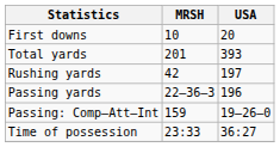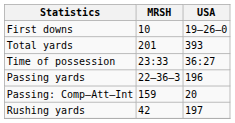 <table class="wikitable" style="float: left;">
 <tr>
 <th>Statistics</th>
 <th>MRSH</th>
 <th>USA</th>
 </tr>
 <tr>
 <td>First downs</td>
 <td>10</td>
-<td>20</td>
+<td>19–26–0</td>
 </tr>
 <tr>
 <td>Total yards</td>
 <td>201</td>
 <td>393</td>
 </tr>
 <tr>
-<td>Rushing yards</td>
-<td>42</td>
-<td>197</td>
+<td>Time of possession</td>
+<td>23:33</td>
+<td>36:27</td>
 </tr>
 <tr>
 <td>Passing yards</td>
 <td>22–36–3</td>
 <td>196</td>
 </tr>
 <tr>
 <td>Passing: Comp–Att–Int</td>
 <td>159</td>
-<td>19–26–0</td>
+<td>20</td>
 </tr>
 <tr>
-<td>Time of possession</td>
-<td>23:33</td>
-<td>36:27</td>
+<td>Rushing yards</td>
+<td>42</td>
+<td>197</td>
 </tr>
 <tr>
 </tr>
 </table>
